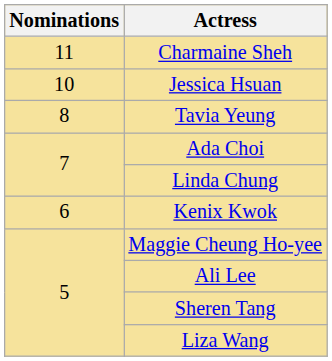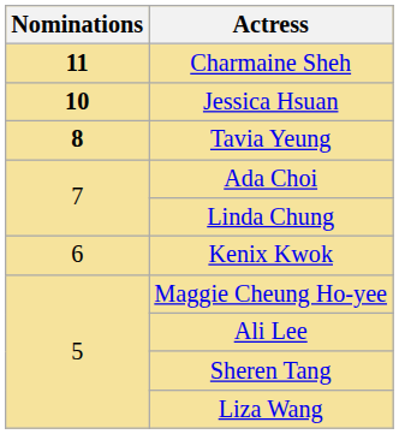 <table class="wikitable" rowspan=2 style="text-align: center; background: #f6e39c">
 <tr>
 <th scope="col" width="55">Nominations</th>
 <th scope="col" align="center">Actress</th>
 </tr>
 <tr>
-<td rowspan=1 style="text-align:center;">11</td>
+<td rowspan=1 style="text-align:center;"><strong>11</strong></td>
 <td><a href='#'>Charmaine Sheh</a></td>
 </tr>
 <tr>
-<td rowspan=1 style="text-align:center;">10</td>
+<td rowspan=1 style="text-align:center;"><strong>10</strong></td>
 <td><a href='#'>Jessica Hsuan</a></td>
 </tr>
 <tr>
-<td>8</td>
+<td><strong>8</strong></td>
 <td><a href='#'>Tavia Yeung</a></td>
 </tr>
 <tr>
 <td rowspan=2 style="text-align:center;">7</td>
 <td><a href='#'>Ada Choi</a></td>
 </tr>
 <tr>
 <td><a href='#'>Linda Chung</a></td>
 </tr>
 <tr>
 <td rowspan=1 style="text-align:center;">6</td>
 <td><a href='#'>Kenix Kwok</a></td>
 </tr>
 <tr>
 <td rowspan=4 style="text-align:center;">5</td>
 <td><a href='#'>Maggie Cheung Ho-yee</a></td>
 </tr>
 <tr>
 <td><a href='#'>Ali Lee</a></td>
 </tr>
 <tr>
 <td><a href='#'>Sheren Tang</a></td>
 </tr>
 <tr>
 <td><a href='#'>Liza Wang</a></td>
 </tr>
 </table>
